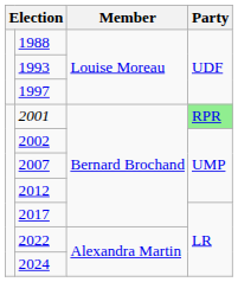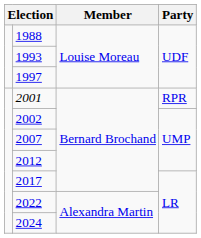 <table class="wikitable">
 <tr>
 <th colspan="2">Election</th>
 <th>Member</th>
 <th>Party</th>
 </tr>
 <tr>
 <td rowspan="3" style="background-color: "></td>
 <td><a href='#'>1988</a></td>
 <td rowspan="3"><a href='#'>Louise Moreau</a></td>
 <td rowspan="3"><a href='#'>UDF</a></td>
 </tr>
 <tr>
 <td><a href='#'>1993</a></td>
 </tr>
 <tr>
 <td><a href='#'>1997</a></td>
 </tr>
 <tr>
 <td rowspan="7" style="background-color: "></td>
 <td><em>2001</em></td>
 <td rowspan="5"><a href='#'>Bernard Brochand</a></td>
-<td style="background: lightgreen;"><a href='#'>RPR</a></td>
+<td><a href='#'>RPR</a></td>
 </tr>
 <tr>
 <td><a href='#'>2002</a></td>
 <td rowspan="3"><a href='#'>UMP</a></td>
 </tr>
 <tr>
 <td><a href='#'>2007</a></td>
 </tr>
 <tr>
 <td><a href='#'>2012</a></td>
 </tr>
 <tr>
 <td><a href='#'>2017</a></td>
 <td rowspan="3"><a href='#'>LR</a></td>
 </tr>
 <tr>
 <td><a href='#'>2022</a></td>
 <td rowspan="2"><a href='#'>Alexandra Martin</a></td>
 </tr>
 <tr>
 <td><a href='#'>2024</a></td>
 </tr>
 </table>
